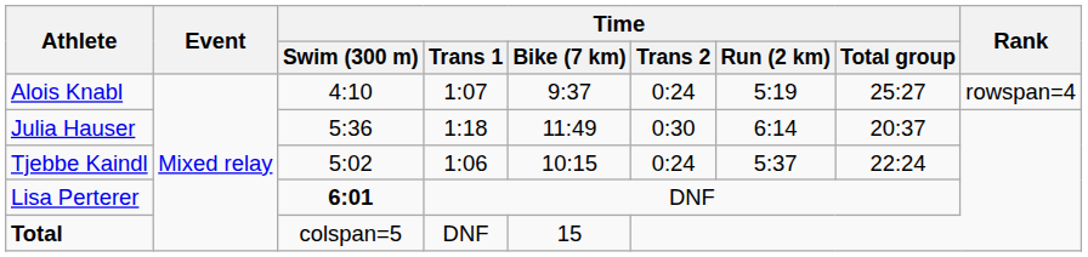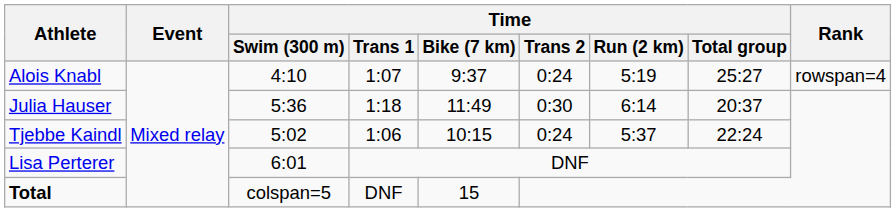 <table class="wikitable" style="font-size:90%;text-align:center;">
 <tr>
 <th rowspan=2>Athlete</th>
 <th rowspan=2>Event</th>
 <th colspan=6>Time</th>
 <th rowspan=2>Rank</th>
 </tr>
 <tr style="font-size:95%">
 <th>Swim (300 m)</th>
 <th>Trans 1</th>
 <th>Bike (7 km)</th>
 <th>Trans 2</th>
 <th>Run (2 km)</th>
 <th>Total group</th>
 </tr>
 <tr>
 <td align=left><a href='#'>Alois Knabl</a></td>
 <td align=left rowspan=5><a href='#'>Mixed relay</a></td>
 <td>4:10</td>
 <td>1:07</td>
 <td>9:37</td>
 <td>0:24</td>
 <td>5:19</td>
 <td>25:27</td>
 <td>rowspan=4 </td>
 </tr>
 <tr>
 <td align=left><a href='#'>Julia Hauser</a></td>
 <td>5:36</td>
 <td>1:18</td>
 <td>11:49</td>
 <td>0:30</td>
 <td>6:14</td>
 <td>20:37</td>
 </tr>
 <tr>
 <td align=left><a href='#'>Tjebbe Kaindl</a></td>
 <td>5:02</td>
 <td>1:06</td>
 <td>10:15</td>
 <td>0:24</td>
 <td>5:37</td>
 <td>22:24</td>
 </tr>
 <tr>
 <td align=left><a href='#'>Lisa Perterer</a></td>
-<td><strong>6:01</strong></td>
+<td>6:01</td>
 <td colspan=5>DNF</td>
 </tr>
 <tr align=center>
 <td align=left><strong>Total</strong></td>
 <td>colspan=5 </td>
 <td>DNF</td>
 <td>15</td>
 </tr>
 </table>
